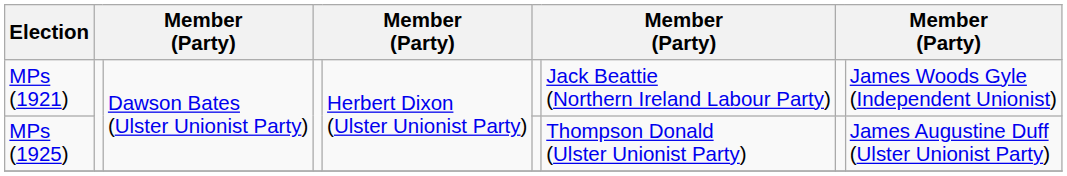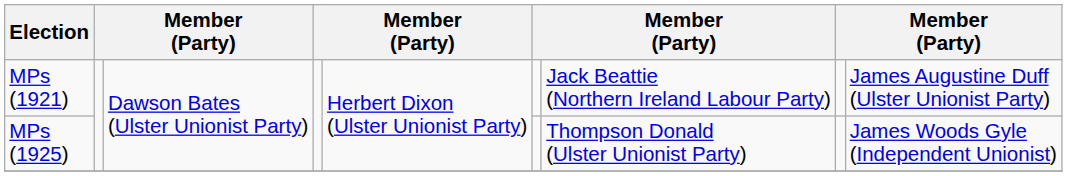 <table class="wikitable">
 <tr>
 <th>Election</th>
 <th colspan=2>Member<br>(Party)</th>
 <th colspan=2>Member<br>(Party)</th>
 <th colspan=2>Member<br>(Party)</th>
 <th colspan=2>Member<br>(Party)</th>
 </tr>
 <tr>
 <td><a href='#'>MPs</a> <br>(<a href='#'>1921</a>)</td>
 <td rowspan=2 style="background:"></td>
 <td rowspan=2><a href='#'>Dawson Bates</a> <br>(<a href='#'>Ulster Unionist Party</a>)</td>
 <td rowspan=2 style="background:"></td>
 <td rowspan=2><a href='#'>Herbert Dixon</a> <br>(<a href='#'>Ulster Unionist Party</a>)</td>
 <td rowspan=1 style="background:"></td>
 <td rowspan=1><a href='#'>Jack Beattie</a><br>(<a href='#'>Northern Ireland Labour Party</a>)</td>
 <td rowspan=1 style="background:"></td>
-<td rowspan=1><a href='#'>James Woods Gyle</a><br>(<a href='#'>Independent Unionist</a>)</td>
+<td rowspan=1><a href='#'>James Augustine Duff</a> <br>(<a href='#'>Ulster Unionist Party</a>)</td>
 </tr>
 <tr>
 <td><a href='#'>MPs</a> <br>(<a href='#'>1925</a>)</td>
 <td rowspan=1 style="background:"></td>
 <td rowspan=1><a href='#'>Thompson Donald</a> <br>(<a href='#'>Ulster Unionist Party</a>)</td>
 <td rowspan=1 style="background:"></td>
-<td rowspan=1><a href='#'>James Augustine Duff</a> <br>(<a href='#'>Ulster Unionist Party</a>)</td>
+<td rowspan=1><a href='#'>James Woods Gyle</a><br>(<a href='#'>Independent Unionist</a>)</td>
 </tr>
 <tr>
 </tr>
 </table>
